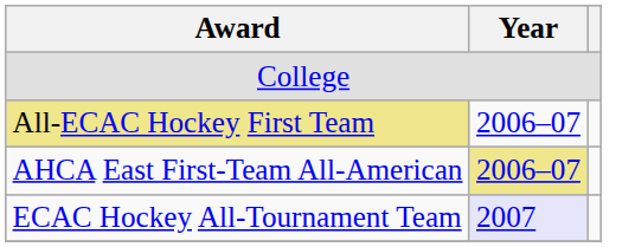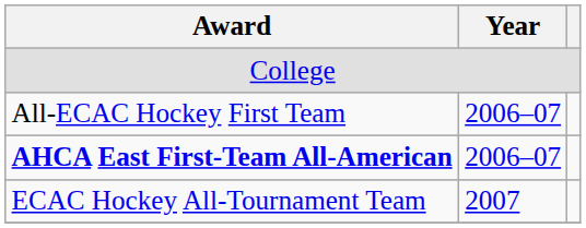 <table class="wikitable">
 <tr>
 <th>Award</th>
 <th>Year</th>
 <th></th>
 </tr>
 <tr ALIGN="center" bgcolor="#e0e0e0">
 <td colspan="3"><a href='#'>College</a></td>
 </tr>
 <tr>
-<td style="background: khaki;">All-<a href='#'>ECAC Hockey</a> <a href='#'>First Team</a></td>
+<td>All-<a href='#'>ECAC Hockey</a> <a href='#'>First Team</a></td>
 <td><a href='#'>2006–07</a></td>
 <td></td>
 </tr>
 <tr>
-<td><a href='#'>AHCA</a> <a href='#'>East First-Team All-American</a></td>
-<td style="background: khaki;"><a href='#'>2006–07</a></td>
+<td><strong><a href='#'>AHCA</a> <a href='#'>East First-Team All-American</a></strong></td>
+<td><a href='#'>2006–07</a></td>
 <td></td>
 </tr>
 <tr>
 <td><a href='#'>ECAC Hockey</a> <a href='#'>All-Tournament Team</a></td>
-<td style="background: lavender;"><a href='#'>2007</a></td>
+<td><a href='#'>2007</a></td>
 <td></td>
 </tr>
 <tr>
 </tr>
 </table>
